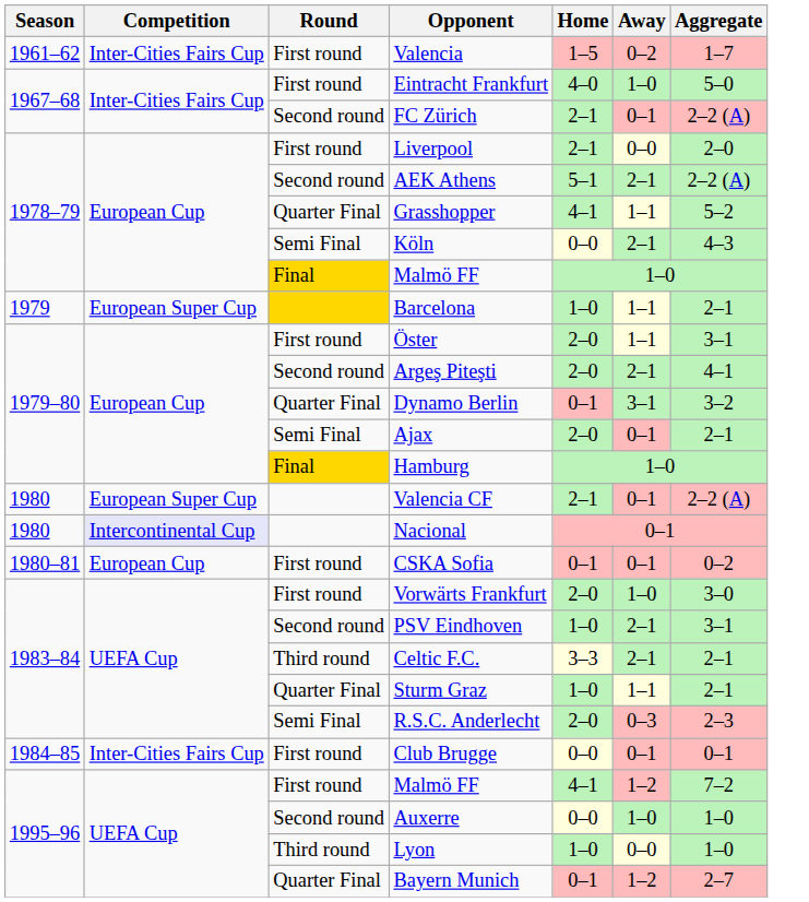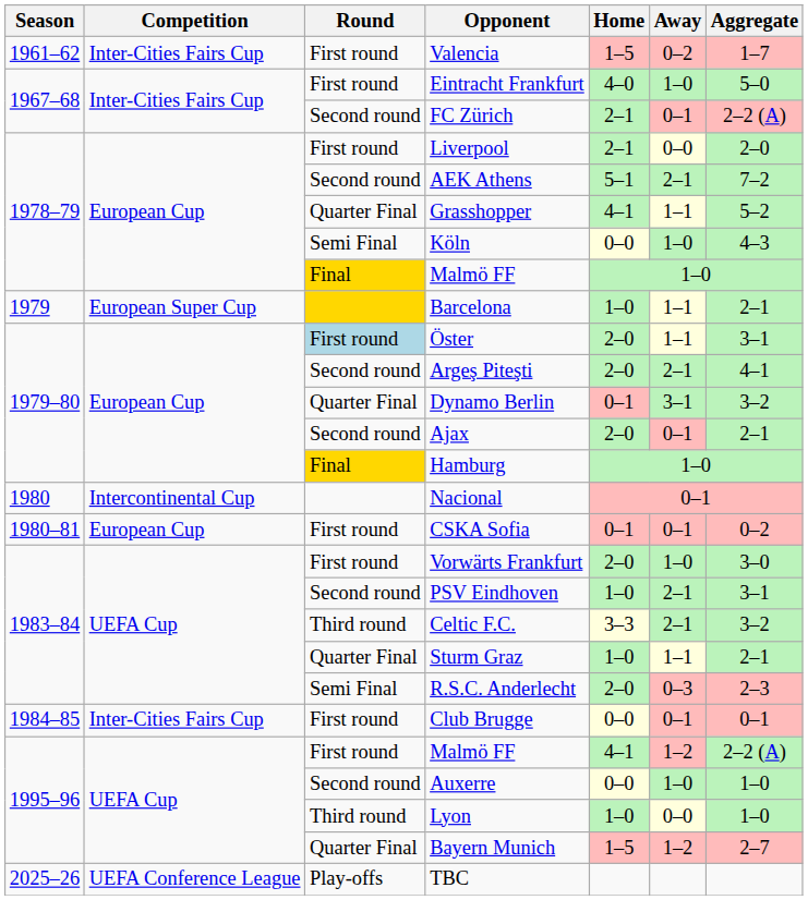 <table class="wikitable">
 <tr>
 <th>Season</th>
 <th>Competition</th>
 <th>Round</th>
 <th>Opponent</th>
 <th>Home</th>
 <th>Away</th>
 <th>Aggregate</th>
 </tr>
 <tr>
 <td><a href='#'>1961–62</a></td>
 <td rowspan="1"><a href='#'>Inter-Cities Fairs Cup</a></td>
 <td>First round</td>
 <td> <a href='#'>Valencia</a></td>
 <td align="center" style="background: #FFBBBB;">1–5</td>
 <td align="center" style="background: #FFBBBB;">0–2</td>
 <td align="center" style="background: #FFBBBB;">1–7</td>
 </tr>
 <tr>
 <td rowspan="2"><a href='#'>1967–68</a></td>
 <td rowspan="2"><a href='#'>Inter-Cities Fairs Cup</a></td>
 <td>First round</td>
 <td> <a href='#'>Eintracht Frankfurt</a></td>
 <td align="center" style="background: #BBF3BB;">4–0</td>
 <td align="center" style="background: #BBF3BB;">1–0</td>
 <td align="center" style="background: #BBF3BB;">5–0</td>
 </tr>
 <tr>
 <td>Second round</td>
 <td> <a href='#'>FC Zürich</a></td>
 <td align="center" style="background: #BBF3BB;">2–1</td>
 <td align="center" style="background: #FFBBBB;">0–1</td>
 <td align="center" style="background: #FFBBBB;">2–2 (<a href='#'>A</a>)</td>
 </tr>
 <tr>
 <td rowspan="5"><a href='#'>1978–79</a></td>
 <td rowspan="5"><a href='#'>European Cup</a></td>
 <td>First round</td>
 <td>  <a href='#'>Liverpool</a></td>
 <td align="center" style="background: #BBF3BB;">2–1</td>
 <td align="center" style="background: #ffffdd;">0–0</td>
 <td align="center" style="background: #BBF3BB;">2–0</td>
 </tr>
 <tr>
 <td>Second round</td>
 <td> <a href='#'>AEK Athens</a></td>
 <td align="center" style="background: #BBF3BB;">5–1</td>
 <td align="center" style="background: #BBF3BB;">2–1</td>
-<td align="center" style="background: #BBF3BB;">2–2 (<a href='#'>A</a>)</td>
+<td align="center" style="background: #BBF3BB;">7–2</td>
 </tr>
 <tr>
 <td>Quarter Final</td>
 <td> <a href='#'>Grasshopper</a></td>
 <td align="center" style="background: #BBF3BB;">4–1</td>
 <td align="center" style="background: #ffffdd;">1–1</td>
 <td align="center" style="background: #BBF3BB;">5–2</td>
 </tr>
 <tr>
 <td>Semi Final</td>
 <td> <a href='#'>Köln</a></td>
 <td align="center" style="background: #ffffdd;">0–0</td>
-<td align="center" style="background: #BBF3BB;">2–1</td>
+<td align="center" style="background: #BBF3BB;">1–0</td>
 <td align="center" style="background: #BBF3BB;">4–3</td>
 </tr>
 <tr>
 <td style="background:gold">Final</td>
 <td> <a href='#'>Malmö FF</a></td>
 <td colspan="3" align="center" style="background: #BBF3BB;">1–0</td>
 </tr>
 <tr>
 <td><a href='#'>1979</a></td>
 <td rowspan="1"><a href='#'>European Super Cup</a></td>
 <td style="background:gold"></td>
 <td> <a href='#'>Barcelona</a></td>
 <td align="center" style="background: #BBF3BB;">1–0</td>
 <td align="center" style="background: #ffffdd;">1–1</td>
 <td align="center" style="background: #BBF3BB;">2–1</td>
 </tr>
 <tr>
 <td rowspan="5"><a href='#'>1979–80</a></td>
 <td rowspan="5"><a href='#'>European Cup</a></td>
-<td>First round</td>
+<td style="background: lightblue;">First round</td>
 <td>  <a href='#'>Öster</a></td>
 <td align="center" style="background: #BBF3BB;">2–0</td>
 <td align="center" style="background: #ffffdd;">1–1</td>
 <td align="center" style="background: #BBF3BB;">3–1</td>
 </tr>
 <tr>
 <td>Second round</td>
 <td> <a href='#'>Argeş Piteşti</a></td>
 <td align="center" style="background: #BBF3BB;">2–0</td>
 <td align="center" style="background: #BBF3BB;">2–1</td>
 <td align="center" style="background: #BBF3BB;">4–1</td>
 </tr>
 <tr>
 <td>Quarter Final</td>
 <td> <a href='#'>Dynamo Berlin</a></td>
 <td align="center" style="background: #FFBBBB;">0–1</td>
 <td align="center" style="background: #BBF3BB;">3–1</td>
 <td align="center" style="background: #BBF3BB;">3–2</td>
 </tr>
 <tr>
-<td>Semi Final</td>
+<td>Second round</td>
 <td> <a href='#'>Ajax</a></td>
 <td align="center" style="background: #BBF3BB;">2–0</td>
 <td align="center" style="background: #FFBBBB;">0–1</td>
 <td align="center" style="background: #BBF3BB;">2–1</td>
 </tr>
 <tr>
 <td style="background:gold">Final</td>
 <td> <a href='#'>Hamburg</a></td>
 <td colspan="3" align="center" style="background: #BBF3BB;">1–0</td>
 </tr>
 <tr>
 <td><a href='#'>1980</a></td>
-<td rowspan="1"><a href='#'>European Super Cup</a></td>
-<td></td>
-<td> <a href='#'>Valencia CF</a></td>
-<td align="center" style="background: #BBF3BB;">2–1</td>
-<td align="center" style="background: #FFBBBB;">0–1</td>
-<td align="center" style="background: #FFBBBB;">2–2 (<a href='#'>A</a>)</td>
-</tr>
-<tr>
-<td><a href='#'>1980</a></td>
-<td rowspan="1" style="background: lavender;"><a href='#'>Intercontinental Cup</a></td>
+<td rowspan="1"><a href='#'>Intercontinental Cup</a></td>
 <td></td>
 <td> <a href='#'>Nacional</a></td>
 <td colspan="3" align="center" style="background: #FFBBBB;">0–1</td>
 </tr>
 <tr>
 <td rowspan="1"><a href='#'>1980–81</a></td>
 <td rowspan="1"><a href='#'>European Cup</a></td>
 <td>First round</td>
 <td>  <a href='#'>CSKA Sofia</a></td>
 <td align="center" style="background: #FFBBBB;">0–1</td>
 <td align="center" style="background: #FFBBBB;">0–1</td>
 <td align="center" style="background: #FFBBBB;">0–2</td>
 </tr>
 <tr>
 <td rowspan="5"><a href='#'>1983–84</a></td>
 <td rowspan="5"><a href='#'>UEFA Cup</a></td>
 <td>First round</td>
 <td>  <a href='#'>Vorwärts Frankfurt</a></td>
 <td align="center" style="background: #BBF3BB;">2–0</td>
 <td align="center" style="background: #BBF3BB;">1–0</td>
 <td align="center" style="background: #BBF3BB;">3–0</td>
 </tr>
 <tr>
 <td>Second round</td>
 <td> <a href='#'>PSV Eindhoven</a></td>
 <td align="center" style="background: #BBF3BB;">1–0</td>
 <td align="center" style="background: #BBF3BB;">2–1</td>
 <td align="center" style="background: #BBF3BB;">3–1</td>
 </tr>
 <tr>
 <td>Third round</td>
 <td> <a href='#'>Celtic F.C.</a></td>
 <td align="center" style="background: #ffffdd;">3–3</td>
 <td align="center" style="background: #BBF3BB;">2–1</td>
-<td align="center" style="background: #BBF3BB;">2–1</td>
+<td align="center" style="background: #BBF3BB;">3–2</td>
 </tr>
 <tr>
 <td>Quarter Final</td>
 <td> <a href='#'>Sturm Graz</a></td>
 <td align="center" style="background: #BBF3BB;">1–0</td>
 <td align="center" style="background: #ffffdd;">1–1</td>
 <td align="center" style="background: #BBF3BB;">2–1</td>
 </tr>
 <tr>
 <td>Semi Final</td>
 <td> <a href='#'>R.S.C. Anderlecht</a></td>
 <td align="center" style="background: #BBF3BB;">2–0</td>
 <td align="center" style="background: #FFBBBB;">0–3</td>
 <td align="center" style="background: #FFBBBB;">2–3</td>
 </tr>
 <tr>
 <td rowspan="1"><a href='#'>1984–85</a></td>
 <td rowspan="1"><a href='#'>Inter-Cities Fairs Cup</a></td>
 <td>First round</td>
 <td>  <a href='#'>Club Brugge</a></td>
 <td align="center" style="background: #ffffdd;">0–0</td>
 <td align="center" style="background: #FFBBBB;">0–1</td>
 <td align="center" style="background: #FFBBBB;">0–1</td>
 </tr>
 <tr>
 <td rowspan="4"><a href='#'>1995–96</a></td>
 <td rowspan="4"><a href='#'>UEFA Cup</a></td>
 <td>First round</td>
 <td>  <a href='#'>Malmö FF</a></td>
 <td align="center" style="background: #BBF3BB;">4–1</td>
 <td align="center" style="background: #FFBBBB;">1–2</td>
-<td align="center" style="background: #BBF3BB;">7–2</td>
+<td align="center" style="background: #BBF3BB;">2–2 (<a href='#'>A</a>)</td>
 </tr>
 <tr>
 <td>Second round</td>
 <td> <a href='#'>Auxerre</a></td>
 <td align="center" style="background: #ffffdd;">0–0</td>
 <td align="center" style="background: #BBF3BB;">1–0</td>
 <td align="center" style="background: #BBF3BB;">1–0</td>
 </tr>
 <tr>
 <td>Third round</td>
 <td> <a href='#'>Lyon</a></td>
 <td align="center" style="background: #BBF3BB;">1–0</td>
 <td align="center" style="background: #ffffdd;">0–0</td>
 <td align="center" style="background: #BBF3BB;">1–0</td>
 </tr>
 <tr>
 <td>Quarter Final</td>
 <td> <a href='#'>Bayern Munich</a></td>
-<td align="center" style="background: #FFBBBB;">0–1</td>
+<td align="center" style="background: #FFBBBB;">1–5</td>
 <td align="center" style="background: #FFBBBB;">1–2</td>
 <td align="center" style="background: #FFBBBB;">2–7</td>
 </tr>
 <tr>
+<td><a href='#'>2025–26</a></td>
+<td rowspan="1"><a href='#'>UEFA Conference League</a></td>
+<td>Play-offs</td>
+<td>TBC</td>
+<td></td>
+<td></td>
+<td></td>
+</tr>
+<tr>
 </tr>
 </table>
